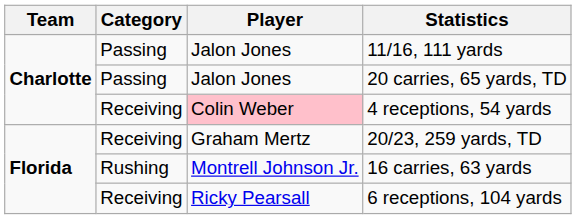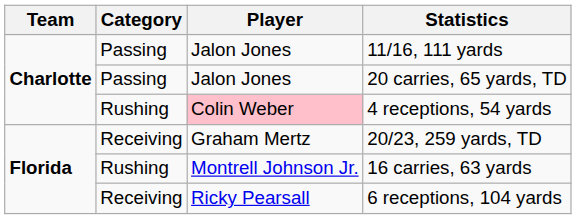 <table class="wikitable" style="float: right;">
 <tr>
 <th>Team</th>
 <th>Category</th>
 <th>Player</th>
 <th>Statistics</th>
 </tr>
 <tr>
 <td rowspan=3><strong>Charlotte</strong></td>
 <td>Passing</td>
 <td>Jalon Jones</td>
 <td>11/16, 111 yards</td>
 </tr>
 <tr>
 <td>Passing</td>
 <td>Jalon Jones</td>
 <td>20 carries, 65 yards, TD</td>
 </tr>
 <tr>
-<td>Receiving</td>
+<td>Rushing</td>
 <td style="background: pink;">Colin Weber</td>
 <td>4 receptions, 54 yards</td>
 </tr>
 <tr>
 <td rowspan=3><strong>Florida</strong></td>
 <td>Receiving</td>
 <td>Graham Mertz</td>
 <td>20/23, 259 yards, TD</td>
 </tr>
 <tr>
 <td>Rushing</td>
 <td><a href='#'>Montrell Johnson Jr.</a></td>
 <td>16 carries, 63 yards</td>
 </tr>
 <tr>
 <td>Receiving</td>
 <td><a href='#'>Ricky Pearsall</a></td>
 <td>6 receptions, 104 yards</td>
 </tr>
 </table>
